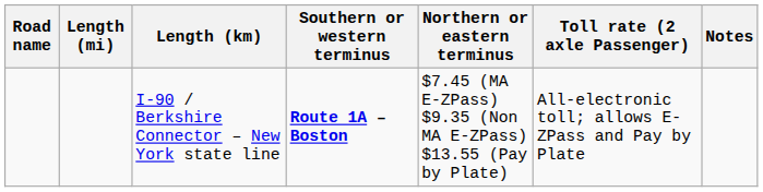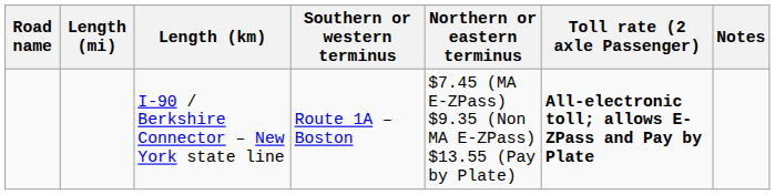 <table class=wikitable>
 <tr>
 <th scope=col>Road name</th>
 <th scope=col>Length (mi)</th>
 <th scope=col>Length (km)</th>
 <th scope=col>Southern or western terminus</th>
 <th scope=col>Northern or eastern terminus</th>
 <th scope=col>Toll rate (2 axle Passenger)</th>
 <th scope=col>Notes</th>
 </tr>
 <tr>
 <td></td>
 <td></td>
 <td><a href='#'>I-90</a> / <a href='#'>Berkshire Connector</a> – <a href='#'>New York</a> state line</td>
-<td><strong><a href='#'>Route 1A</a> – <a href='#'>Boston</a></strong></td>
+<td><a href='#'>Route 1A</a> – <a href='#'>Boston</a></td>
 <td>$7.45 (MA E-ZPass)<br>$9.35 (Non MA E-ZPass)<br>$13.55 (Pay by Plate)</td>
-<td>All-electronic toll; allows E-ZPass and Pay by Plate</td>
+<td><strong>All-electronic toll; allows E-ZPass and Pay by Plate</strong></td>
 </tr>
 </table>
